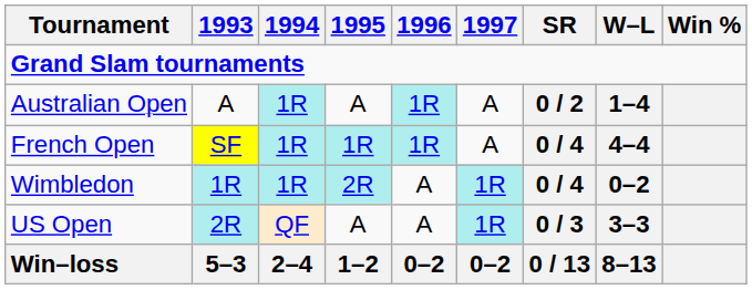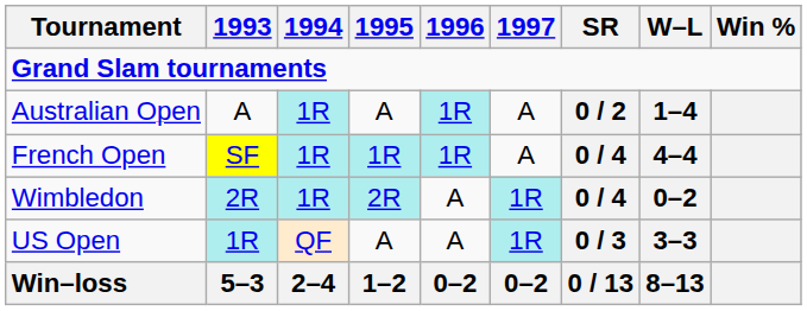 <table class=wikitable style=text-align:center;font-size:97%>
 <tr>
 <th>Tournament</th>
 <th><a href='#'>1993</a></th>
 <th><a href='#'>1994</a></th>
 <th><a href='#'>1995</a></th>
 <th><a href='#'>1996</a></th>
 <th><a href='#'>1997</a></th>
 <th>SR</th>
 <th>W–L</th>
 <th>Win %</th>
 </tr>
 <tr>
 <td colspan=23 align=left><strong><a href='#'>Grand Slam tournaments</a></strong></td>
 </tr>
 <tr>
 <td align=left><a href='#'>Australian Open</a></td>
 <td>A</td>
 <td bgcolor=afeeee><a href='#'>1R</a></td>
 <td>A</td>
 <td bgcolor=afeeee><a href='#'>1R</a></td>
 <td>A</td>
 <th>0 / 2</th>
 <th>1–4</th>
 <th></th>
 </tr>
 <tr>
 <td align=left><a href='#'>French Open</a></td>
 <td bgcolor=yellow><a href='#'>SF</a></td>
 <td bgcolor=afeeee><a href='#'>1R</a></td>
 <td bgcolor=afeeee><a href='#'>1R</a></td>
 <td bgcolor=afeeee><a href='#'>1R</a></td>
 <td>A</td>
 <th>0 / 4</th>
 <th>4–4</th>
 <th></th>
 </tr>
 <tr>
 <td align=left><a href='#'>Wimbledon</a></td>
-<td bgcolor=afeeee><a href='#'>1R</a></td>
+<td bgcolor=afeeee><a href='#'>2R</a></td>
 <td bgcolor=afeeee><a href='#'>1R</a></td>
 <td bgcolor=afeeee><a href='#'>2R</a></td>
 <td>A</td>
 <td bgcolor=afeeee><a href='#'>1R</a></td>
 <th>0 / 4</th>
 <th>0–2</th>
 <th></th>
 </tr>
 <tr>
 <td align=left><a href='#'>US Open</a></td>
-<td bgcolor=afeeee><a href='#'>2R</a></td>
+<td bgcolor=afeeee><a href='#'>1R</a></td>
 <td bgcolor=ffebcd><a href='#'>QF</a></td>
 <td>A</td>
 <td>A</td>
 <td bgcolor=afeeee><a href='#'>1R</a></td>
 <th>0 / 3</th>
 <th>3–3</th>
 <th></th>
 </tr>
 <tr>
 <th style=text-align:left>Win–loss</th>
 <th>5–3</th>
 <th>2–4</th>
 <th>1–2</th>
 <th>0–2</th>
 <th>0–2</th>
 <th>0 / 13</th>
 <th>8–13</th>
 <th></th>
 </tr>
 </table>
